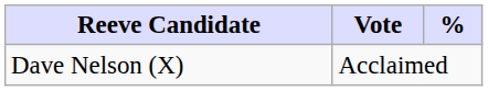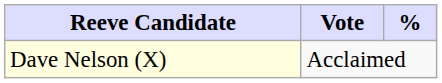 <table class="wikitable">
 <tr>
 <th style="background:#ddf; width:200px;">Reeve Candidate </th>
 <th style="background:#ddf; width:50px;">Vote</th>
 <th style="background:#ddf; width:30px;">%</th>
 </tr>
 <tr>
-<td>Dave Nelson (X)</td>
+<td style="background: lightyellow;">Dave Nelson (X)</td>
 <td colspan="2">Acclaimed</td>
 </tr>
 </table>
